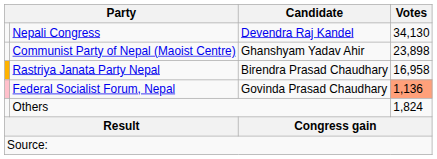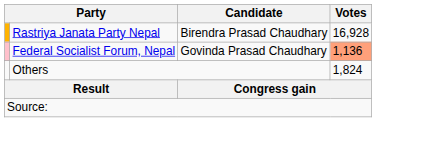 <table class="wikitable">
 <tr>
 <th colspan="2">Party</th>
 <th>Candidate</th>
 <th>Votes</th>
 </tr>
 <tr>
-<td style="background-color:"></td>
-<td><a href='#'>Nepali Congress</a></td>
-<td><a href='#'>Devendra Raj Kandel</a></td>
-<td>34,130</td>
-</tr>
-<tr>
-<td style="background-color:"></td>
-<td><a href='#'>Communist Party of Nepal (Maoist Centre)</a></td>
-<td>Ghanshyam Yadav Ahir</td>
-<td>23,898</td>
-</tr>
-<tr>
 <td style="background-color:#FFb300"></td>
 <td><a href='#'>Rastriya Janata Party Nepal</a></td>
 <td>Birendra Prasad Chaudhary</td>
-<td>16,958</td>
+<td>16,928</td>
 </tr>
 <tr>
 <td style="background-color:#ffc0cb"></td>
 <td><a href='#'>Federal Socialist Forum, Nepal</a></td>
 <td>Govinda Prasad Chaudhary</td>
 <td style="background: lightsalmon;">1,136</td>
 </tr>
 <tr>
 <td></td>
 <td colspan="2">Others</td>
 <td>1,824</td>
 </tr>
 <tr>
 <th colspan="2">Result</th>
 <th colspan="2">Congress gain</th>
 </tr>
 <tr>
 <td colspan="4">Source: </td>
 </tr>
 </table>
